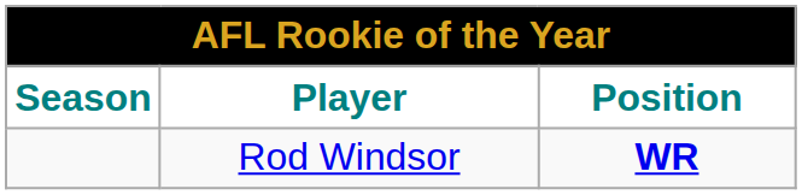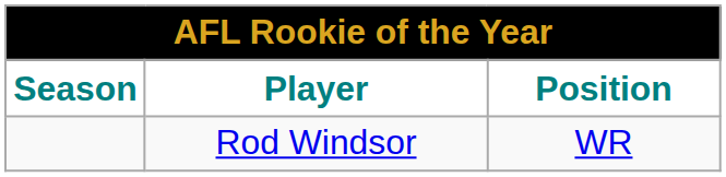 <table class="wikitable sortable" style="text-align:center">
 <tr>
 <td colspan="4" style="background:#000; color:#DAA520;"><strong>AFL Rookie of the Year</strong></td>
 </tr>
 <tr>
 <th style="width:50px; background:white; color:teal;">Season</th>
 <th style="width:150px; background:white; color:teal;">Player</th>
 <th style="width:100px; background:white; color:teal;">Position</th>
 </tr>
 <tr>
 <td></td>
 <td><a href='#'>Rod Windsor</a></td>
-<td><strong><a href='#'>WR</a></strong></td>
+<td><a href='#'>WR</a></td>
 </tr>
 </table>
